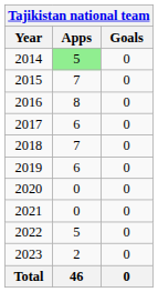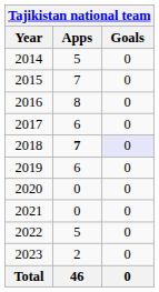 <table class="wikitable" style="text-align:center">
 <tr>
 <th colspan=3><a href='#'>Tajikistan national team</a></th>
 </tr>
 <tr>
 <th>Year</th>
 <th>Apps</th>
 <th>Goals</th>
 </tr>
 <tr>
 <td>2014</td>
-<td style="background: lightgreen;">5</td>
+<td>5</td>
 <td>0</td>
 </tr>
 <tr>
 <td>2015</td>
 <td>7</td>
 <td>0</td>
 </tr>
 <tr>
 <td>2016</td>
 <td>8</td>
 <td>0</td>
 </tr>
 <tr>
 <td>2017</td>
 <td>6</td>
 <td>0</td>
 </tr>
 <tr>
 <td>2018</td>
-<td>7</td>
-<td>0</td>
+<td><strong>7</strong></td>
+<td style="background: lavender;">0</td>
 </tr>
 <tr>
 <td>2019</td>
 <td>6</td>
 <td>0</td>
 </tr>
 <tr>
 <td>2020</td>
 <td>0</td>
 <td>0</td>
 </tr>
 <tr>
 <td>2021</td>
 <td>0</td>
 <td>0</td>
 </tr>
 <tr>
 <td>2022</td>
 <td>5</td>
 <td>0</td>
 </tr>
 <tr>
 <td>2023</td>
 <td>2</td>
 <td>0</td>
 </tr>
 <tr>
 <th>Total</th>
 <th>46</th>
 <th>0</th>
 </tr>
 </table>
